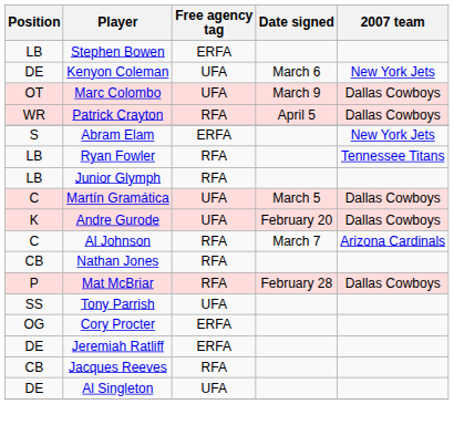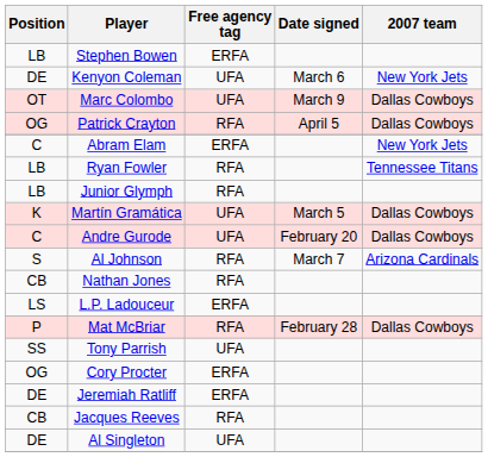 <table class="wikitable">
 <tr>
 <th>Position</th>
 <th>Player</th>
 <th>Free agency<br>tag</th>
 <th>Date signed</th>
 <th>2007 team</th>
 </tr>
 <tr style="background: #ffddoo;" align="center">
 <td>LB</td>
 <td><a href='#'>Stephen Bowen</a></td>
 <td>ERFA</td>
 <td></td>
 <td></td>
 </tr>
 <tr style="background: #ffddoo;" align="center">
 <td>DE</td>
 <td><a href='#'>Kenyon Coleman</a></td>
 <td>UFA</td>
 <td>March 6</td>
 <td><a href='#'>New York Jets</a></td>
 </tr>
 <tr style="background: #ffdddd;" align="center">
 <td>OT</td>
 <td><a href='#'>Marc Colombo</a></td>
 <td>UFA</td>
 <td>March 9</td>
 <td>Dallas Cowboys</td>
 </tr>
 <tr style="background: #ffdddd;" align="center">
-<td>WR</td>
+<td>OG</td>
 <td><a href='#'>Patrick Crayton</a></td>
 <td>RFA</td>
 <td>April 5</td>
 <td>Dallas Cowboys</td>
 </tr>
 <tr style="background: #ffddoo;" align="center">
 </tr>
 <tr style="background: #ffddoo;" align="center">
-<td>S</td>
+<td>C</td>
 <td><a href='#'>Abram Elam</a></td>
 <td>ERFA</td>
 <td></td>
 <td><a href='#'>New York Jets</a></td>
 </tr>
 <tr style="background: #ffddoo;" align="center">
 <td>LB</td>
 <td><a href='#'>Ryan Fowler</a></td>
 <td>RFA</td>
 <td></td>
 <td><a href='#'>Tennessee Titans</a></td>
 </tr>
 <tr style="background: #ffddoo;" align="center">
 <td>LB</td>
 <td><a href='#'>Junior Glymph</a></td>
 <td>RFA</td>
 <td></td>
 <td></td>
 </tr>
 <tr style="background: #ffdddd;" align="center">
-<td>C</td>
+<td>K</td>
 <td><a href='#'>Martín Gramática</a></td>
 <td>UFA</td>
 <td>March 5</td>
 <td>Dallas Cowboys</td>
 </tr>
 <tr style="background: #ffdddd;" align="center">
-<td>K</td>
+<td>C</td>
 <td><a href='#'>Andre Gurode</a></td>
 <td>UFA</td>
 <td>February 20</td>
 <td>Dallas Cowboys</td>
 </tr>
 <tr style="background: #ffddoo;" align="center">
-<td>C</td>
+<td>S</td>
 <td><a href='#'>Al Johnson</a></td>
 <td>RFA</td>
 <td>March 7</td>
 <td><a href='#'>Arizona Cardinals</a></td>
 </tr>
 <tr style="background: #ffddoo;" align="center">
 <td>CB</td>
 <td><a href='#'>Nathan Jones</a></td>
 <td>RFA</td>
+<td></td>
+<td></td>
+</tr>
+<tr style="background: #ffddoo;" align="center">
+<td>LS</td>
+<td><a href='#'>L.P. Ladouceur</a></td>
+<td>ERFA</td>
 <td></td>
 <td></td>
 </tr>
 <tr style="background: #ffdddd;" align="center">
 <td>P</td>
 <td><a href='#'>Mat McBriar</a></td>
 <td>RFA</td>
 <td>February 28</td>
 <td>Dallas Cowboys</td>
 </tr>
 <tr style="background: #ffddoo;" align="center">
 <td>SS</td>
 <td><a href='#'>Tony Parrish</a></td>
 <td>UFA</td>
 <td></td>
 <td></td>
 </tr>
 <tr style="background: #ffddoo;" align="center">
 <td>OG</td>
 <td><a href='#'>Cory Procter</a></td>
 <td>ERFA</td>
 <td></td>
 <td></td>
 </tr>
 <tr style="background: #ffddoo;" align="center">
 <td>DE</td>
 <td><a href='#'>Jeremiah Ratliff</a></td>
 <td>ERFA</td>
 <td></td>
 <td></td>
 </tr>
 <tr style="background: #ffddoo;" align="center">
 <td>CB</td>
 <td><a href='#'>Jacques Reeves</a></td>
 <td>RFA</td>
 <td></td>
 <td></td>
 </tr>
 <tr style="background: #ffddoo;" align="center">
 <td>DE</td>
 <td><a href='#'>Al Singleton</a></td>
 <td>UFA</td>
 <td></td>
 <td></td>
 </tr>
 <tr>
 </tr>
 </table>
